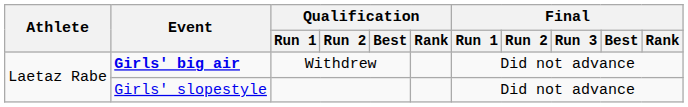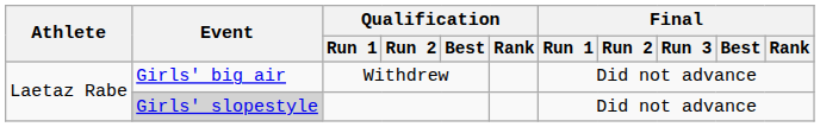 <table class="wikitable" style="font-size:90%">
 <tr>
 <th rowspan=2>Athlete</th>
 <th rowspan=2>Event</th>
 <th colspan=4>Qualification</th>
 <th colspan=5>Final</th>
 </tr>
 <tr style="font-size:95%">
 <th>Run 1</th>
 <th>Run 2</th>
 <th>Best</th>
 <th>Rank</th>
 <th>Run 1</th>
 <th>Run 2</th>
 <th>Run 3</th>
 <th>Best</th>
 <th>Rank</th>
 </tr>
 <tr align=center>
 <td align=left rowspan=2>Laetaz Rabe</td>
-<td align=left><strong><a href='#'>Girls' big air</a></strong></td>
+<td align=left><a href='#'>Girls' big air</a></td>
 <td colspan=3>Withdrew</td>
 <td></td>
 <td colspan=5>Did not advance</td>
 </tr>
 <tr align=center>
-<td align=left><a href='#'>Girls' slopestyle</a></td>
+<td align=left style="background: lightgrey;"><a href='#'>Girls' slopestyle</a></td>
 <td colspan=3></td>
 <td></td>
 <td colspan=5>Did not advance</td>
 </tr>
 </table>
